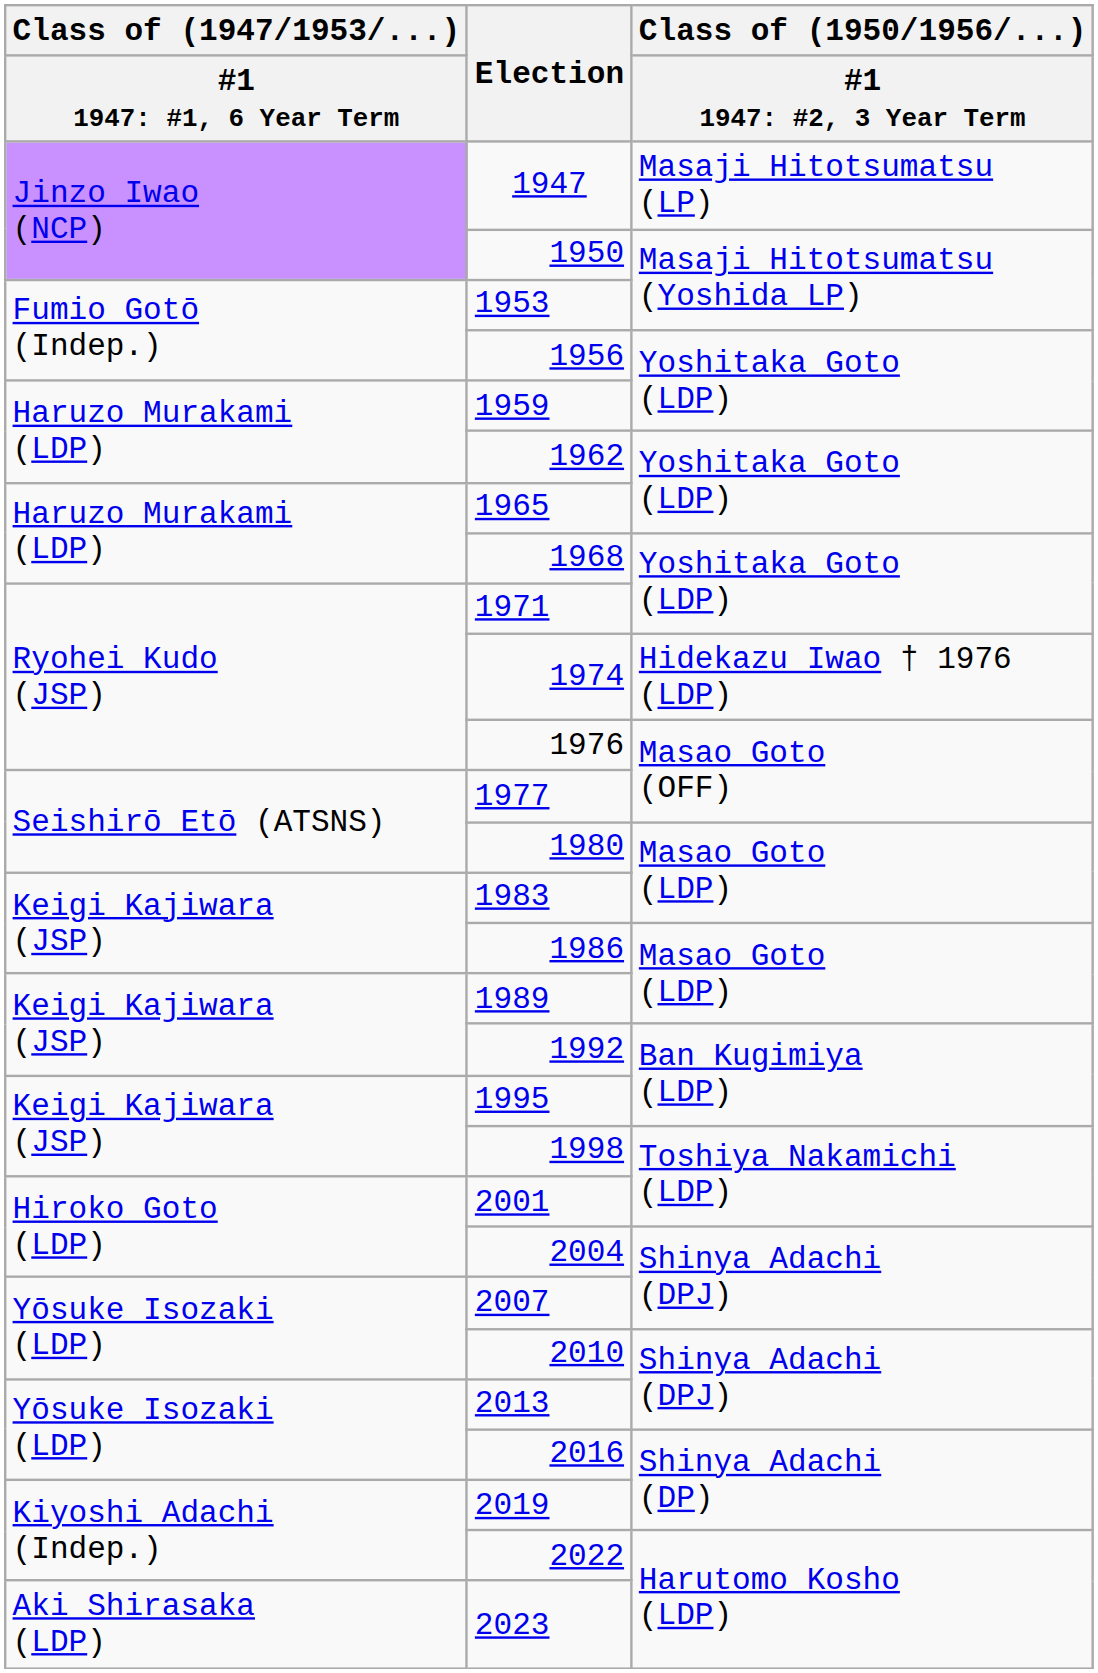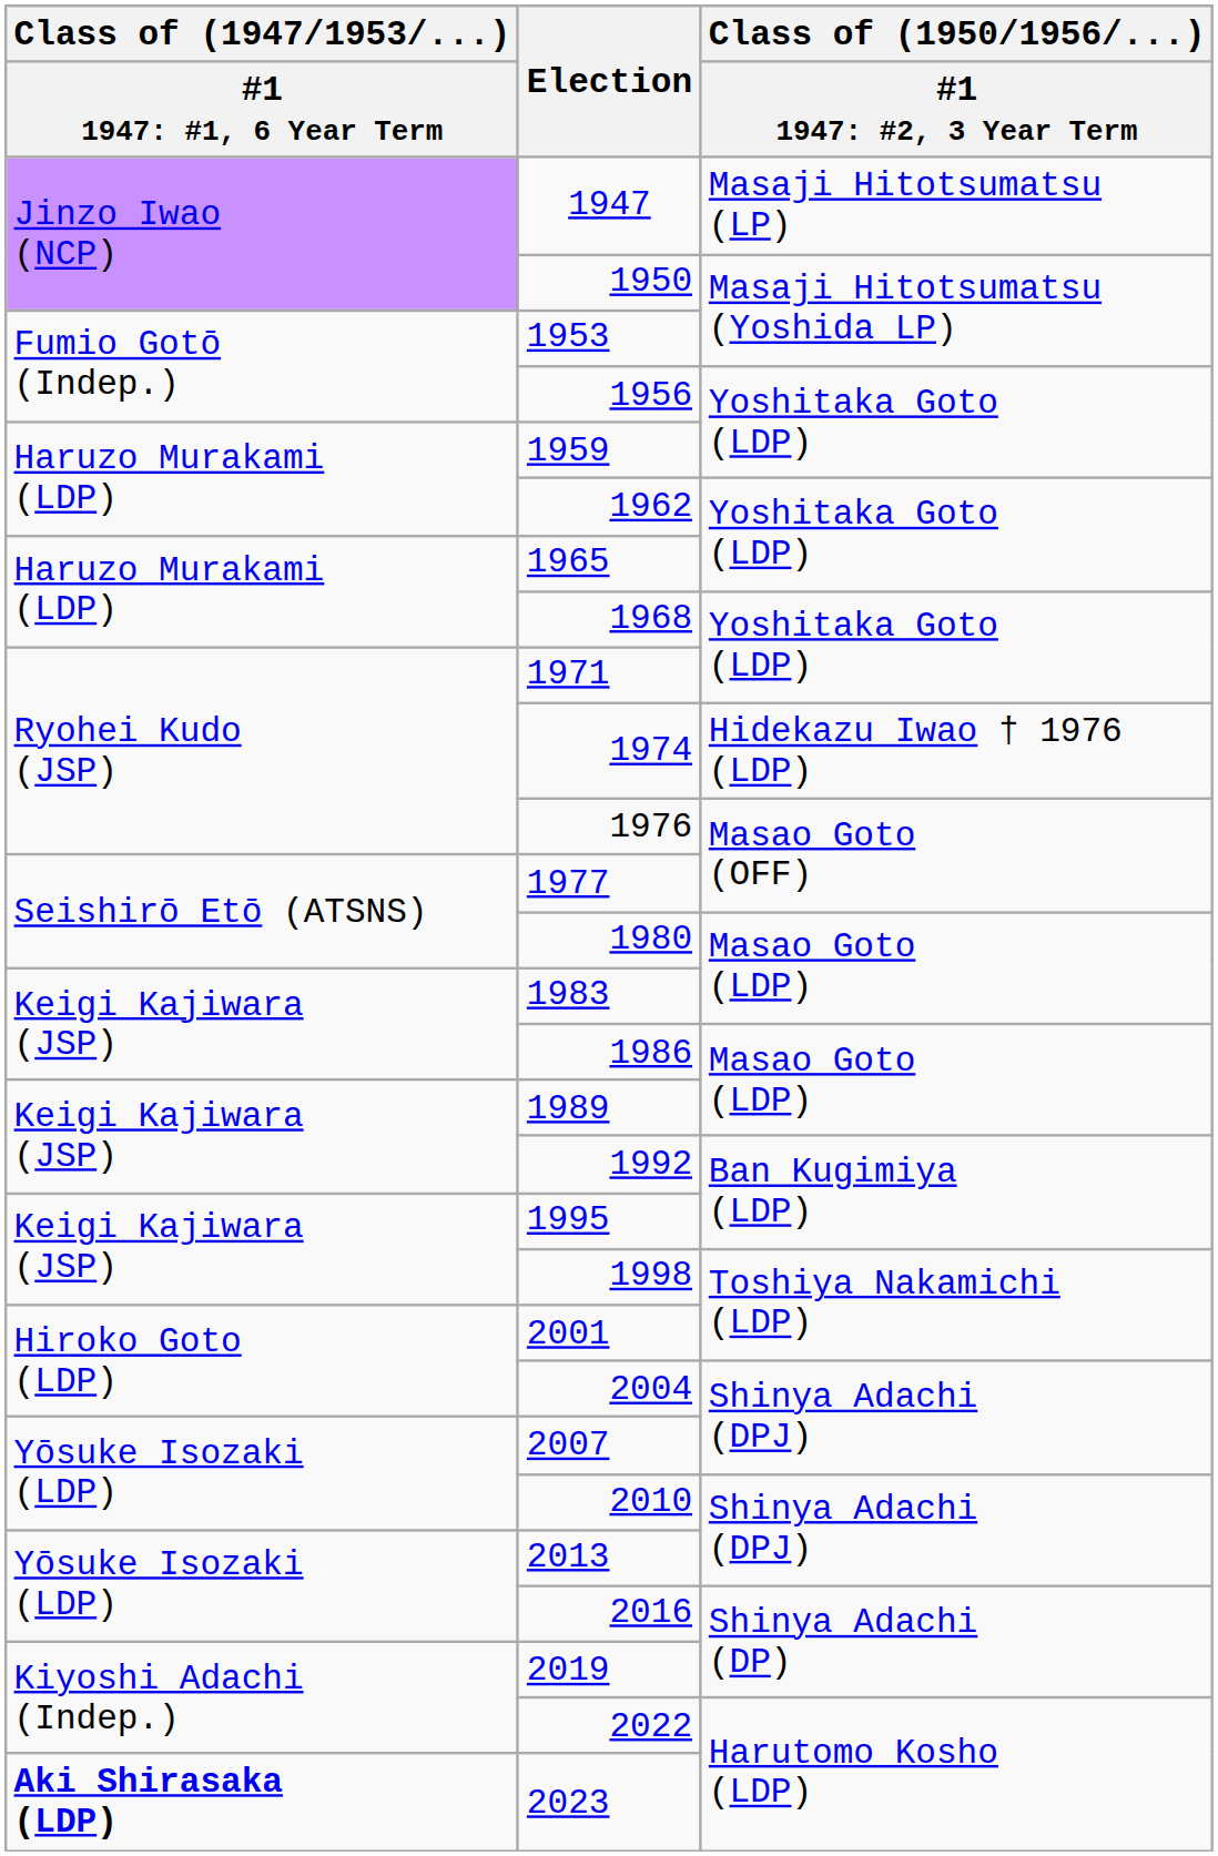 <table class="wikitable">
 <tr>
 <th>Class of (1947/1953/...)</th>
 <th rowspan="2">Election</th>
 <th>Class of (1950/1956/...)</th>
 </tr>
 <tr>
 <th>#1<br><small>1947: #1, 6 Year Term</small></th>
 <th>#1<br><small>1947: #2, 3 Year Term</small></th>
 </tr>
 <tr>
 <td rowspan="2" bgcolor=#c891ff><a href='#'>Jinzo Iwao</a><br>(<a href='#'>NCP</a>)</td>
 <td align="center"><a href='#'>1947</a></td>
 <td><a href='#'>Masaji Hitotsumatsu</a><br>(<a href='#'>LP</a>)</td>
 </tr>
 <tr>
 <td align="right"><a href='#'>1950</a></td>
 <td rowspan="2" ><a href='#'>Masaji Hitotsumatsu</a><br>(<a href='#'>Yoshida LP</a>)</td>
 </tr>
 <tr>
 <td rowspan="2"><a href='#'>Fumio Gotō</a><br>(Indep.)</td>
 <td><a href='#'>1953</a></td>
 </tr>
 <tr>
 <td align="right"><a href='#'>1956</a></td>
 <td rowspan="2" ><a href='#'>Yoshitaka Goto</a><br>(<a href='#'>LDP</a>)</td>
 </tr>
 <tr>
 <td rowspan="2" ><a href='#'>Haruzo Murakami</a><br>(<a href='#'>LDP</a>)</td>
 <td><a href='#'>1959</a></td>
 </tr>
 <tr>
 <td align="right"><a href='#'>1962</a></td>
 <td rowspan="2" ><a href='#'>Yoshitaka Goto</a><br>(<a href='#'>LDP</a>)</td>
 </tr>
 <tr>
 <td rowspan="2" ><a href='#'>Haruzo Murakami</a><br>(<a href='#'>LDP</a>)</td>
 <td><a href='#'>1965</a></td>
 </tr>
 <tr>
 <td align="right"><a href='#'>1968</a></td>
 <td rowspan="2" ><a href='#'>Yoshitaka Goto</a><br>(<a href='#'>LDP</a>)</td>
 </tr>
 <tr>
 <td rowspan="3" ><a href='#'>Ryohei Kudo</a><br>(<a href='#'>JSP</a>)</td>
 <td><a href='#'>1971</a></td>
 </tr>
 <tr>
 <td align="right"><a href='#'>1974</a></td>
 <td><a href='#'>Hidekazu Iwao</a> † 1976<br>(<a href='#'>LDP</a>)</td>
 </tr>
 <tr>
 <td align="right">1976<br></td>
 <td rowspan="2"><a href='#'>Masao Goto</a><br>(OFF)</td>
 </tr>
 <tr>
 <td rowspan="2"><a href='#'>Seishirō Etō</a> (ATSNS)</td>
 <td><a href='#'>1977</a></td>
 </tr>
 <tr>
 <td align="right"><a href='#'>1980</a></td>
 <td rowspan="2" ><a href='#'>Masao Goto</a><br>(<a href='#'>LDP</a>)</td>
 </tr>
 <tr>
 <td rowspan="2" ><a href='#'>Keigi Kajiwara</a><br>(<a href='#'>JSP</a>)</td>
 <td><a href='#'>1983</a></td>
 </tr>
 <tr>
 <td align="right"><a href='#'>1986</a></td>
 <td rowspan="2" ><a href='#'>Masao Goto</a><br>(<a href='#'>LDP</a>)</td>
 </tr>
 <tr>
 <td rowspan="2" ><a href='#'>Keigi Kajiwara</a><br>(<a href='#'>JSP</a>)</td>
 <td><a href='#'>1989</a></td>
 </tr>
 <tr>
 <td align="right"><a href='#'>1992</a></td>
 <td rowspan="2" ><a href='#'>Ban Kugimiya</a><br>(<a href='#'>LDP</a>)</td>
 </tr>
 <tr>
 <td rowspan="2" ><a href='#'>Keigi Kajiwara</a><br>(<a href='#'>JSP</a>)</td>
 <td><a href='#'>1995</a></td>
 </tr>
 <tr>
 <td align="right"><a href='#'>1998</a></td>
 <td rowspan="2" ><a href='#'>Toshiya Nakamichi</a><br>(<a href='#'>LDP</a>)</td>
 </tr>
 <tr>
 <td rowspan="2" ><a href='#'>Hiroko Goto</a><br>(<a href='#'>LDP</a>)</td>
 <td><a href='#'>2001</a></td>
 </tr>
 <tr>
 <td align="right"><a href='#'>2004</a></td>
 <td rowspan="2" ><a href='#'>Shinya Adachi</a><br>(<a href='#'>DPJ</a>)</td>
 </tr>
 <tr>
 <td rowspan="2" ><a href='#'>Yōsuke Isozaki</a><br>(<a href='#'>LDP</a>)</td>
 <td><a href='#'>2007</a></td>
 </tr>
 <tr>
 <td align="right"><a href='#'>2010</a></td>
 <td rowspan="2" ><a href='#'>Shinya Adachi</a><br>(<a href='#'>DPJ</a>)</td>
 </tr>
 <tr>
 <td rowspan="2" ><a href='#'>Yōsuke Isozaki</a><br>(<a href='#'>LDP</a>)</td>
 <td><a href='#'>2013</a></td>
 </tr>
 <tr>
 <td align="right"><a href='#'>2016</a></td>
 <td rowspan="2" ><a href='#'>Shinya Adachi</a><br>(<a href='#'>DP</a>)</td>
 </tr>
 <tr>
 <td rowspan="2"><a href='#'>Kiyoshi Adachi</a><br>(Indep.)</td>
 <td><a href='#'>2019</a></td>
 </tr>
 <tr>
 <td align="right"><a href='#'>2022</a></td>
 <td rowspan="2" ><a href='#'>Harutomo Kosho</a><br>(<a href='#'>LDP</a>)</td>
 </tr>
 <tr>
-<td><a href='#'>Aki Shirasaka</a><br>(<a href='#'>LDP</a>)</td>
+<td><strong><a href='#'>Aki Shirasaka</a><br>(<a href='#'>LDP</a>)</strong></td>
 <td><a href='#'>2023</a><br></td>
 </tr>
 </table>
